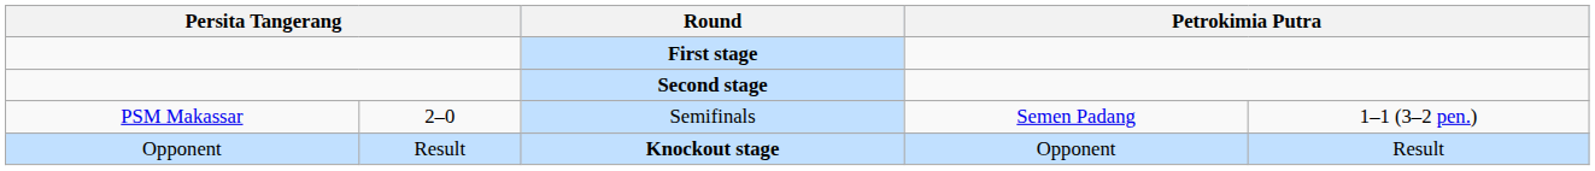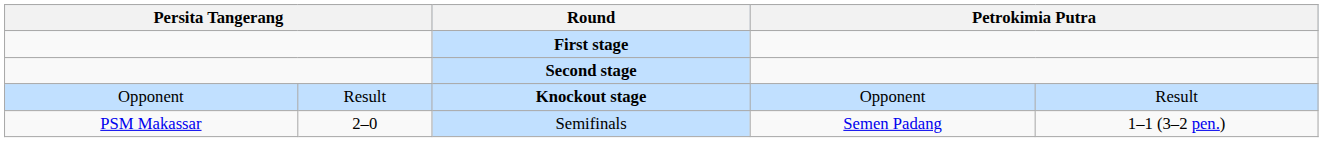 <table class="wikitable" width="100%" style="text-align:center">
 <tr valign=top bgcolor=#c1e0ff>
 <th colspan="2" style="width:1*">Persita Tangerang</th>
 <th><strong>Round</strong></th>
 <th colspan="2" style="width:1*">Petrokimia Putra</th>
 </tr>
 <tr>
 <td colspan="2" align="center"><br> </td>
 <td bgcolor=#c1e0ff><strong>First stage</strong></td>
 <td colspan="2" align="center"><br></td>
 </tr>
 <tr>
 <td colspan="2" align="center"><br> </td>
 <td bgcolor=#c1e0ff><strong>Second stage</strong></td>
 <td colspan="2" align="center"><br> </td>
 </tr>
+<tr valign=top bgcolor=#c1e0ff>
+<td>Opponent</td>
+<td>Result</td>
+<td bgcolor="#c1e0ff"><strong>Knockout stage</strong></td>
+<td>Opponent</td>
+<td>Result</td>
+</tr>
 <tr>
 <td><a href='#'>PSM Makassar</a></td>
 <td>2–0</td>
 <td bgcolor=#c1e0ff>Semifinals</td>
 <td><a href='#'>Semen Padang</a></td>
 <td>1–1 (3–2 <a href='#'>pen.</a>)</td>
 </tr>
-<tr valign=top bgcolor=#c1e0ff>
-<td>Opponent</td>
-<td>Result</td>
-<td bgcolor="#c1e0ff"><strong>Knockout stage</strong></td>
-<td>Opponent</td>
-<td>Result</td>
-</tr>
 </table>
